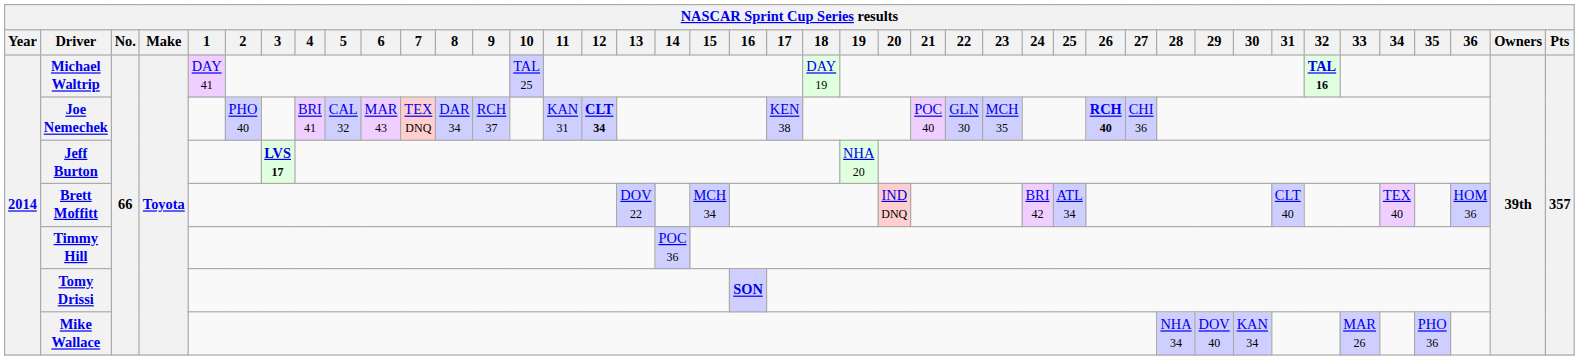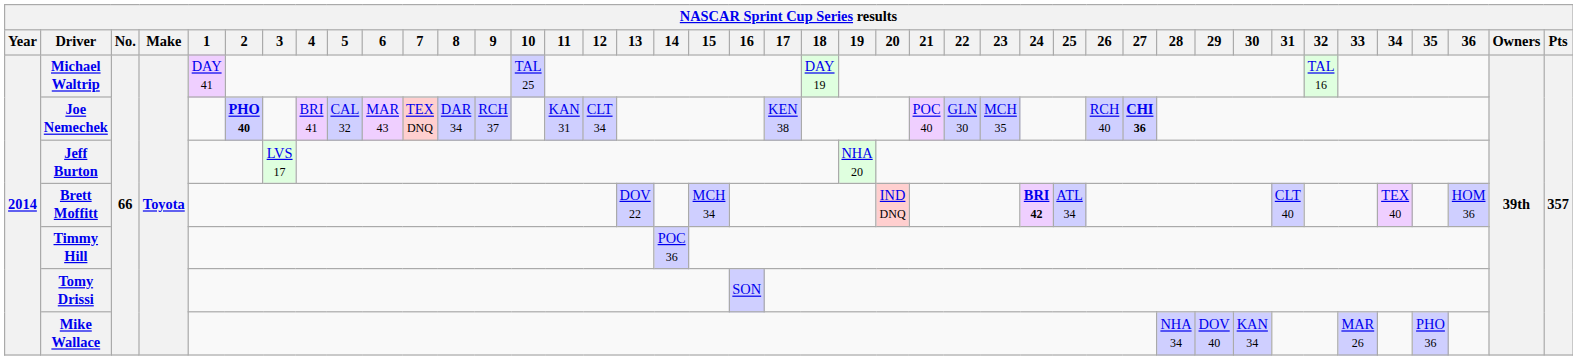 <table class="wikitable" style="text-align:center; font-size:75%">
 <tr>
 <th colspan=45><a href='#'>NASCAR Sprint Cup Series</a> results</th>
 </tr>
 <tr>
 <th>Year</th>
 <th>Driver</th>
 <th>No.</th>
 <th>Make</th>
 <th>1</th>
 <th>2</th>
 <th>3</th>
 <th>4</th>
 <th>5</th>
 <th>6</th>
 <th>7</th>
 <th>8</th>
 <th>9</th>
 <th>10</th>
 <th>11</th>
 <th>12</th>
 <th>13</th>
 <th>14</th>
 <th>15</th>
 <th>16</th>
 <th>17</th>
 <th>18</th>
 <th>19</th>
 <th>20</th>
 <th>21</th>
 <th>22</th>
 <th>23</th>
 <th>24</th>
 <th>25</th>
 <th>26</th>
 <th>27</th>
 <th>28</th>
 <th>29</th>
 <th>30</th>
 <th>31</th>
 <th>32</th>
 <th>33</th>
 <th>34</th>
 <th>35</th>
 <th>36</th>
 <th>Owners</th>
 <th>Pts</th>
 </tr>
 <tr>
 <th rowspan=7><a href='#'>2014</a></th>
 <th><a href='#'>Michael Waltrip</a></th>
 <th rowspan=7>66</th>
 <th rowspan=7><a href='#'>Toyota</a></th>
 <td style="background:#efcfff;"><a href='#'>DAY</a><br><small>41</small></td>
 <td colspan=8></td>
 <td style="background:#cfcfff;"><a href='#'>TAL</a><br><small>25</small></td>
 <td colspan=7></td>
 <td style="background:#dfffdf;"><a href='#'>DAY</a><br><small>19</small></td>
 <td colspan=13></td>
-<td style="background:#dfffdf;"><strong><a href='#'>TAL</a><br><small>16</small></strong></td>
+<td style="background:#dfffdf;"><a href='#'>TAL</a><br><small>16</small></td>
 <td colspan=4></td>
 <th rowspan=7>39th</th>
 <th rowspan=7>357</th>
 </tr>
 <tr>
 <th><a href='#'>Joe Nemechek</a></th>
 <td></td>
-<td style="background:#CFCFFF;"><a href='#'>PHO</a><br><small>40</small></td>
+<td style="background:#CFCFFF;"><strong><a href='#'>PHO</a><br><small>40</small></strong></td>
 <td></td>
 <td style="background:#EFCFFF;"><a href='#'>BRI</a><br><small>41</small></td>
 <td style="background:#CFCFFF;"><a href='#'>CAL</a><br><small>32</small></td>
 <td style="background:#EFCFFF;"><a href='#'>MAR</a><br><small>43</small></td>
 <td style="background:#FFCFCF;"><a href='#'>TEX</a><br><small>DNQ</small></td>
 <td style="background:#CFCFFF;"><a href='#'>DAR</a><br><small>34</small></td>
 <td style="background:#CFCFFF;"><a href='#'>RCH</a><br><small>37</small></td>
 <td></td>
 <td style="background:#CFCFFF;"><a href='#'>KAN</a><br><small>31</small></td>
-<td style="background:#CFCFFF;"><strong><a href='#'>CLT</a><br><small>34</small></strong></td>
+<td style="background:#CFCFFF;"><a href='#'>CLT</a><br><small>34</small></td>
 <td colspan=4></td>
 <td style="background:#CFCFFF;"><a href='#'>KEN</a><br><small>38</small></td>
 <td colspan=3></td>
 <td style="background:#EFCFFF;"><a href='#'>POC</a><br><small>40</small></td>
 <td style="background:#CFCFFF;"><a href='#'>GLN</a><br><small>30</small></td>
 <td style="background:#CFCFFF;"><a href='#'>MCH</a><br><small>35</small></td>
 <td colspan=2></td>
-<td style="background:#CFCFFF;"><strong><a href='#'>RCH</a><br><small>40</small></strong></td>
-<td style="background:#CFCFFF;"><a href='#'>CHI</a><br><small>36</small></td>
+<td style="background:#CFCFFF;"><a href='#'>RCH</a><br><small>40</small></td>
+<td style="background:#CFCFFF;"><strong><a href='#'>CHI</a><br><small>36</small></strong></td>
 <td colspan=9></td>
 </tr>
 <tr>
 <th><a href='#'>Jeff Burton</a></th>
 <td colspan=2></td>
-<td style="background:#DFFFDF;"><strong><a href='#'>LVS</a><br><small>17</small></strong></td>
+<td style="background:#DFFFDF;"><a href='#'>LVS</a><br><small>17</small></td>
 <td colspan=15></td>
 <td style="background:#DFFFDF;"><a href='#'>NHA</a><br><small>20</small></td>
 <td colspan=17></td>
 </tr>
 <tr>
 <th><a href='#'>Brett Moffitt</a></th>
 <td colspan=12></td>
 <td style="background:#CFCFFF;"><a href='#'>DOV</a><br><small>22</small></td>
 <td></td>
 <td style="background:#CFCFFF;"><a href='#'>MCH</a><br><small>34</small></td>
 <td colspan=4></td>
 <td style="background:#FFCFCF;"><a href='#'>IND</a><br><small>DNQ</small></td>
 <td colspan=3></td>
-<td style="background:#EFCFFF;"><a href='#'>BRI</a><br><small>42</small></td>
+<td style="background:#EFCFFF;"><strong><a href='#'>BRI</a><br><small>42</small></strong></td>
 <td style="background:#CFCFFF;"><a href='#'>ATL</a><br><small>34</small></td>
 <td colspan=5></td>
 <td style="background:#CFCFFF;"><a href='#'>CLT</a><br><small>40</small></td>
 <td colspan=2></td>
 <td style="background:#EFCFFF;"><a href='#'>TEX</a><br><small>40</small></td>
 <td></td>
 <td style="background:#CFCFFF;"><a href='#'>HOM</a><br><small>36</small></td>
 </tr>
 <tr>
 <th><a href='#'>Timmy Hill</a></th>
 <td colspan=13></td>
 <td style="background:#CFCFFF;"><a href='#'>POC</a><br><small>36</small></td>
 <td colspan=22></td>
 </tr>
 <tr>
 <th><a href='#'>Tomy Drissi</a></th>
 <td colspan=15></td>
-<td style="background:#CFCFFF;"><strong><a href='#'>SON</a><br></strong></td>
+<td style="background:#CFCFFF;"><a href='#'>SON</a><br></td>
 <td colspan=20></td>
 </tr>
 <tr>
 <th><a href='#'>Mike Wallace</a></th>
 <td colspan=27></td>
 <td style="background:#CFCFFF;"><a href='#'>NHA</a><br><small>34</small></td>
 <td style="background:#CFCFFF;"><a href='#'>DOV</a><br><small>40</small></td>
 <td style="background:#CFCFFF;"><a href='#'>KAN</a><br><small>34</small></td>
 <td colspan=2></td>
 <td style="background:#CFCFFF;"><a href='#'>MAR</a><br><small>26</small></td>
 <td></td>
 <td style="background:#CFCFFF;"><a href='#'>PHO</a><br><small>36</small></td>
 <td></td>
 </tr>
 </table>
